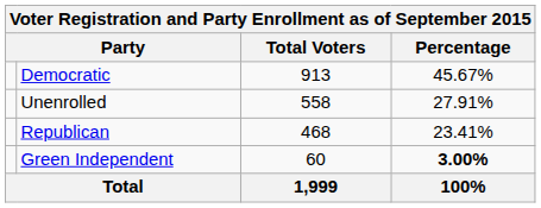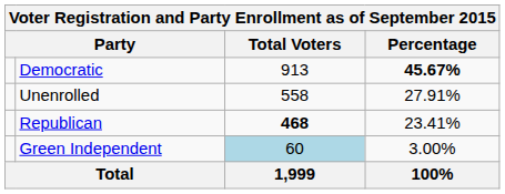 <table class=wikitable>
 <tr>
 <th colspan = 6>Voter Registration and Party Enrollment as of September 2015</th>
 </tr>
 <tr>
 <th colspan = 2>Party</th>
 <th>Total Voters</th>
 <th>Percentage</th>
 </tr>
 <tr>
 <td></td>
 <td><a href='#'>Democratic</a></td>
 <td style="text-align:center;">913</td>
-<td style="text-align:center;">45.67%</td>
+<td style="text-align:center;"><strong>45.67%</strong></td>
 </tr>
 <tr>
 <td></td>
 <td>Unenrolled</td>
 <td style="text-align:center;">558</td>
 <td style="text-align:center;">27.91%</td>
 </tr>
 <tr>
 <td></td>
 <td><a href='#'>Republican</a></td>
-<td style="text-align:center;">468</td>
+<td style="text-align:center;"><strong>468</strong></td>
 <td style="text-align:center;">23.41%</td>
 </tr>
 <tr>
 <td></td>
 <td><a href='#'>Green Independent</a></td>
-<td style="text-align:center;">60</td>
-<td style="text-align:center;"><strong>3.00%</strong></td>
+<td style="background: lightblue; text-align:center;">60</td>
+<td style="text-align:center;">3.00%</td>
 </tr>
 <tr>
 <th colspan = 2>Total</th>
 <th style="text-align:center;">1,999</th>
 <th style="text-align:center;">100%</th>
 </tr>
 </table>
